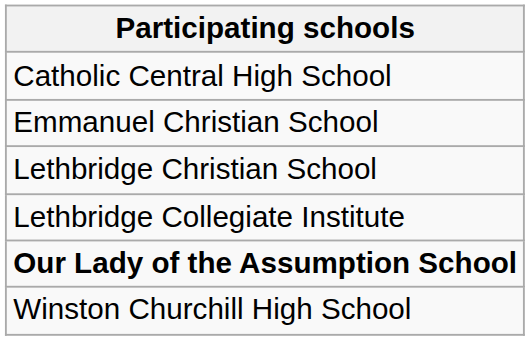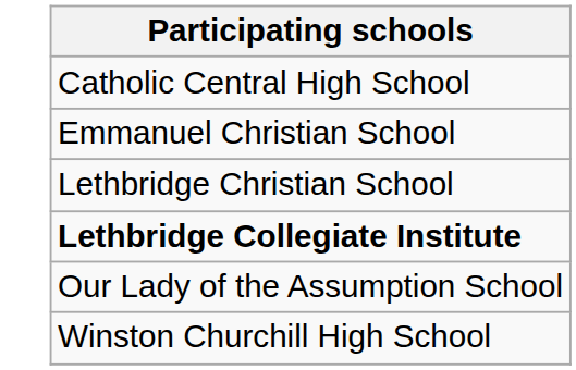 <table class="wikitable" align=right>
 <tr>
 <th>Participating schools</th>
 </tr>
 <tr>
 <td>Catholic Central High School</td>
 </tr>
 <tr>
 <td>Emmanuel Christian School</td>
 </tr>
 <tr>
 <td>Lethbridge Christian School</td>
 </tr>
 <tr>
-<td>Lethbridge Collegiate Institute</td>
+<td><strong>Lethbridge Collegiate Institute</strong></td>
 </tr>
 <tr>
-<td><strong>Our Lady of the Assumption School</strong></td>
+<td>Our Lady of the Assumption School</td>
 </tr>
 <tr>
 <td>Winston Churchill High School</td>
 </tr>
 </table>
